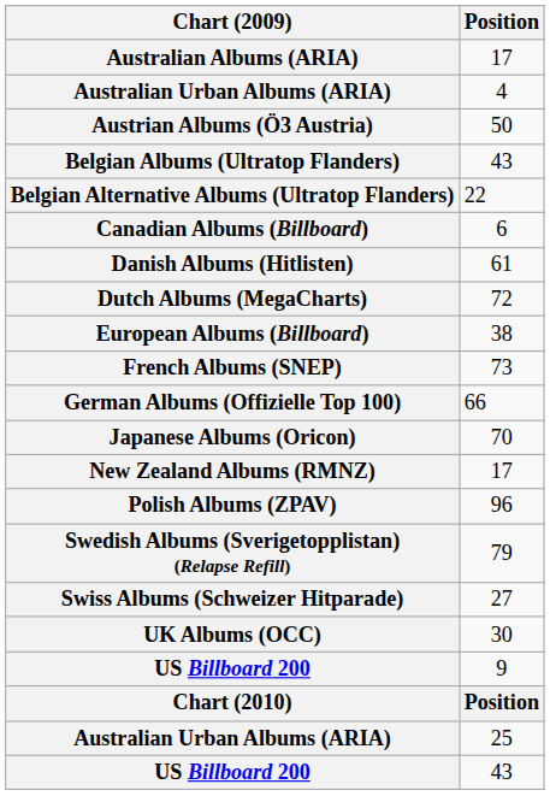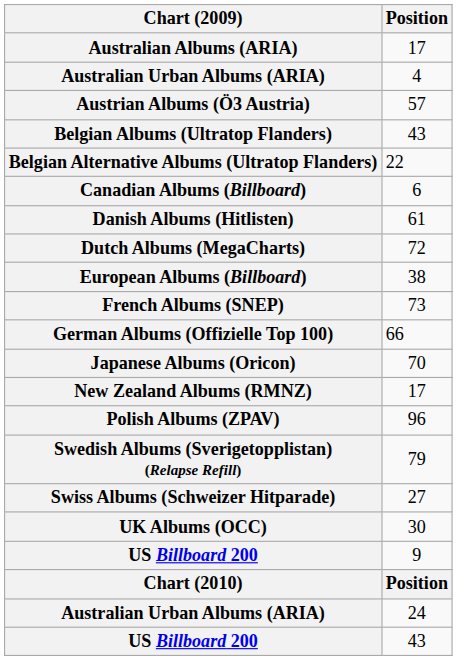 <table class="wikitable plainrowheaders">
 <tr>
 <th scope="col">Chart (2009)</th>
 <th scope="col">Position</th>
 </tr>
 <tr>
 <th scope="row">Australian Albums (ARIA)</th>
 <td style="text-align:center;">17</td>
 </tr>
 <tr>
 <th scope="row">Australian Urban Albums (ARIA)</th>
 <td style="text-align:center;">4</td>
 </tr>
 <tr>
 <th scope="row">Austrian Albums (Ö3 Austria)</th>
-<td style="text-align:center;">50</td>
+<td style="text-align:center;">57</td>
 </tr>
 <tr>
 <th scope="row">Belgian Albums (Ultratop Flanders)</th>
 <td style="text-align:center;">43</td>
 </tr>
 <tr>
 <th scope="row">Belgian Alternative Albums (Ultratop Flanders)</th>
 <td>22</td>
 </tr>
 <tr>
 <th scope="row">Canadian Albums (<em>Billboard</em>)</th>
 <td style="text-align:center;">6</td>
 </tr>
 <tr>
 <th scope="row">Danish Albums (Hitlisten)</th>
 <td style="text-align:center;">61</td>
 </tr>
 <tr>
 <th scope="row">Dutch Albums (MegaCharts)</th>
 <td style="text-align:center;">72</td>
 </tr>
 <tr>
 <th scope="row">European Albums (<em>Billboard</em>)</th>
 <td style="text-align:center;">38</td>
 </tr>
 <tr>
 <th scope="row">French Albums (SNEP)</th>
 <td style="text-align:center;">73</td>
 </tr>
 <tr>
 <th scope="row">German Albums (Offizielle Top 100)</th>
 <td>66</td>
 </tr>
 <tr>
 <th scope="row">Japanese Albums (Oricon)</th>
 <td style="text-align:center;">70</td>
 </tr>
 <tr>
 <th scope="row">New Zealand Albums (RMNZ)</th>
 <td style="text-align:center;">17</td>
 </tr>
 <tr>
 <th scope="row">Polish Albums (ZPAV)</th>
 <td style="text-align:center;">96</td>
 </tr>
 <tr>
 <th scope="row">Swedish Albums (Sverigetopplistan)<br><small>(<em>Relapse Refill</em>)</small></th>
 <td style="text-align:center;">79</td>
 </tr>
 <tr>
 <th scope="row">Swiss Albums (Schweizer Hitparade)</th>
 <td style="text-align:center;">27</td>
 </tr>
 <tr>
 <th scope="row">UK Albums (OCC)</th>
 <td style="text-align:center;">30</td>
 </tr>
 <tr>
 <th scope="row">US <a href='#'><em>Billboard</em> 200</a></th>
 <td style="text-align:center;">9</td>
 </tr>
 <tr>
 <th scope="col">Chart (2010)</th>
 <th scope="col">Position</th>
 </tr>
 <tr>
 <th scope="row">Australian Urban Albums (ARIA)</th>
-<td style="text-align:center;">25</td>
+<td style="text-align:center;">24</td>
 </tr>
 <tr>
 <th scope="row">US <a href='#'><em>Billboard</em> 200</a></th>
 <td style="text-align:center;">43</td>
 </tr>
 </table>
